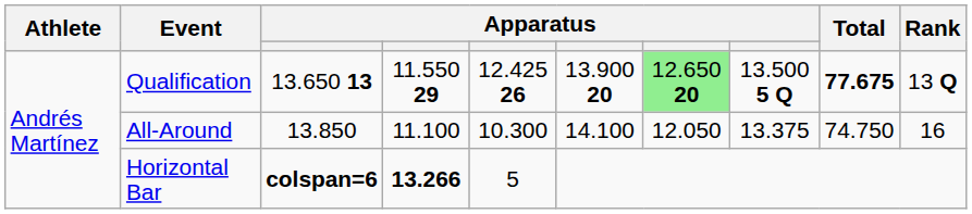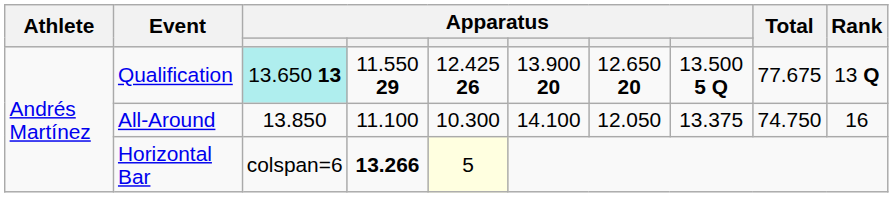 <table class="wikitable" style="font-size:90%">
 <tr>
 <th rowspan=2>Athlete</th>
 <th rowspan=2>Event</th>
 <th colspan =6>Apparatus</th>
 <th rowspan=2>Total</th>
 <th rowspan=2>Rank</th>
 </tr>
 <tr style="font-size:95%">
 <th></th>
 <th></th>
 <th></th>
 <th></th>
 <th></th>
 <th></th>
 </tr>
 <tr align=center>
 <td align=left rowspan=3><a href='#'>Andrés Martínez</a></td>
 <td align=left><a href='#'>Qualification</a></td>
-<td>13.650	<strong>13	</strong></td>
+<td style="background: paleturquoise;">13.650	<strong>13	</strong></td>
 <td>11.550	<strong>29</strong></td>
 <td>12.425	<strong>26</strong></td>
 <td>13.900	<strong>20</strong></td>
-<td style="background: lightgreen;">12.650	<strong>20</strong></td>
+<td>12.650	<strong>20</strong></td>
 <td>13.500	<strong>5 Q</strong></td>
-<td><strong>77.675</strong></td>
+<td>77.675</td>
 <td>13 <strong>Q</strong></td>
 </tr>
 <tr align=center>
 <td align=left><a href='#'>All-Around</a></td>
 <td>13.850</td>
 <td>11.100</td>
 <td>10.300</td>
 <td>14.100</td>
 <td>12.050</td>
 <td>13.375</td>
 <td>74.750</td>
 <td>16</td>
 </tr>
 <tr align=center>
 <td align=left><a href='#'>Horizontal Bar</a></td>
-<td><strong>colspan=6 </strong></td>
+<td>colspan=6 </td>
 <td><strong>13.266</strong></td>
-<td>5</td>
+<td style="background: lightyellow;">5</td>
 </tr>
 </table>
